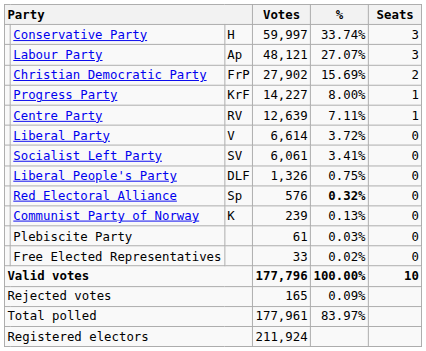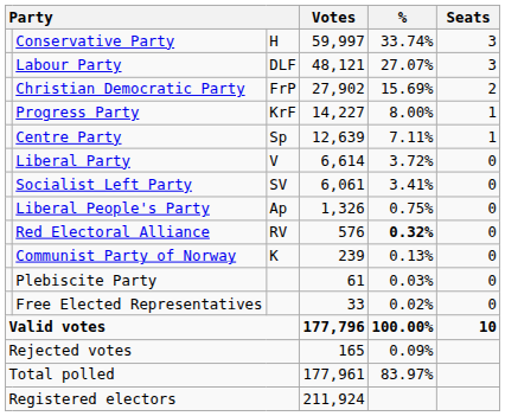 <table class="wikitable" border="1" style="text-align:right;">
 <tr>
 <th style="text-align:left;" colspan=3>Party</th>
 <th align=center width="50">Votes</th>
 <th align=center width="50">%</th>
 <th align=center width="50">Seats</th>
 </tr>
 <tr>
 <td style="color:inherit;background:"></td>
 <td align=left><a href='#'>Conservative Party</a></td>
 <td align=left>H</td>
 <td>59,997</td>
 <td>33.74%</td>
 <td>3</td>
 </tr>
 <tr>
 <td style="color:inherit;background:"></td>
 <td align=left><a href='#'>Labour Party</a></td>
-<td align=left>Ap</td>
+<td align=left>DLF</td>
 <td>48,121</td>
 <td>27.07%</td>
 <td>3</td>
 </tr>
 <tr>
 <td style="color:inherit;background:"></td>
 <td align=left><a href='#'>Christian Democratic Party</a></td>
 <td align=left>FrP</td>
 <td>27,902</td>
 <td>15.69%</td>
 <td>2</td>
 </tr>
 <tr>
 <td style="color:inherit;background:"></td>
 <td align=left><a href='#'>Progress Party</a></td>
 <td align=left>KrF</td>
 <td>14,227</td>
 <td>8.00%</td>
 <td>1</td>
 </tr>
 <tr>
 <td style="color:inherit;background:"></td>
 <td align=left><a href='#'>Centre Party</a></td>
-<td align=left>RV</td>
+<td align=left>Sp</td>
 <td>12,639</td>
 <td>7.11%</td>
 <td>1</td>
 </tr>
 <tr>
 <td style="color:inherit;background:"></td>
 <td align=left><a href='#'>Liberal Party</a></td>
 <td align=left>V</td>
 <td>6,614</td>
 <td>3.72%</td>
 <td>0</td>
 </tr>
 <tr>
 <td style="color:inherit;background:"></td>
 <td align=left><a href='#'>Socialist Left Party</a></td>
 <td align=left>SV</td>
 <td>6,061</td>
 <td>3.41%</td>
 <td>0</td>
 </tr>
 <tr>
 <td style="color:inherit;background:"></td>
 <td align=left><a href='#'>Liberal People's Party</a></td>
-<td align=left>DLF</td>
+<td align=left>Ap</td>
 <td>1,326</td>
 <td>0.75%</td>
 <td>0</td>
 </tr>
 <tr>
 <td style="color:inherit;background:"></td>
 <td align=left><a href='#'>Red Electoral Alliance</a></td>
-<td align=left>Sp</td>
+<td align=left>RV</td>
 <td>576</td>
 <td><strong>0.32%</strong></td>
 <td>0</td>
 </tr>
 <tr>
 <td style="color:inherit;background:"></td>
 <td align=left><a href='#'>Communist Party of Norway</a></td>
 <td align=left>K</td>
 <td>239</td>
 <td>0.13%</td>
 <td>0</td>
 </tr>
 <tr>
 <td></td>
 <td align=left>Plebiscite Party</td>
 <td align=left></td>
 <td>61</td>
 <td>0.03%</td>
 <td>0</td>
 </tr>
 <tr>
 <td></td>
 <td align=left>Free Elected Representatives</td>
 <td align=left></td>
 <td>33</td>
 <td>0.02%</td>
 <td>0</td>
 </tr>
 <tr style="font-weight:bold">
 <td align=left colspan=3>Valid votes</td>
 <td>177,796</td>
 <td>100.00%</td>
 <td>10</td>
 </tr>
 <tr>
 <td align=left colspan=3>Rejected votes</td>
 <td>165</td>
 <td>0.09%</td>
 <td></td>
 </tr>
 <tr>
 <td align=left colspan=3>Total polled</td>
 <td>177,961</td>
 <td>83.97%</td>
 <td></td>
 </tr>
 <tr>
 <td align=left colspan=3>Registered electors</td>
 <td>211,924</td>
 <td></td>
 <td></td>
 </tr>
 </table>
